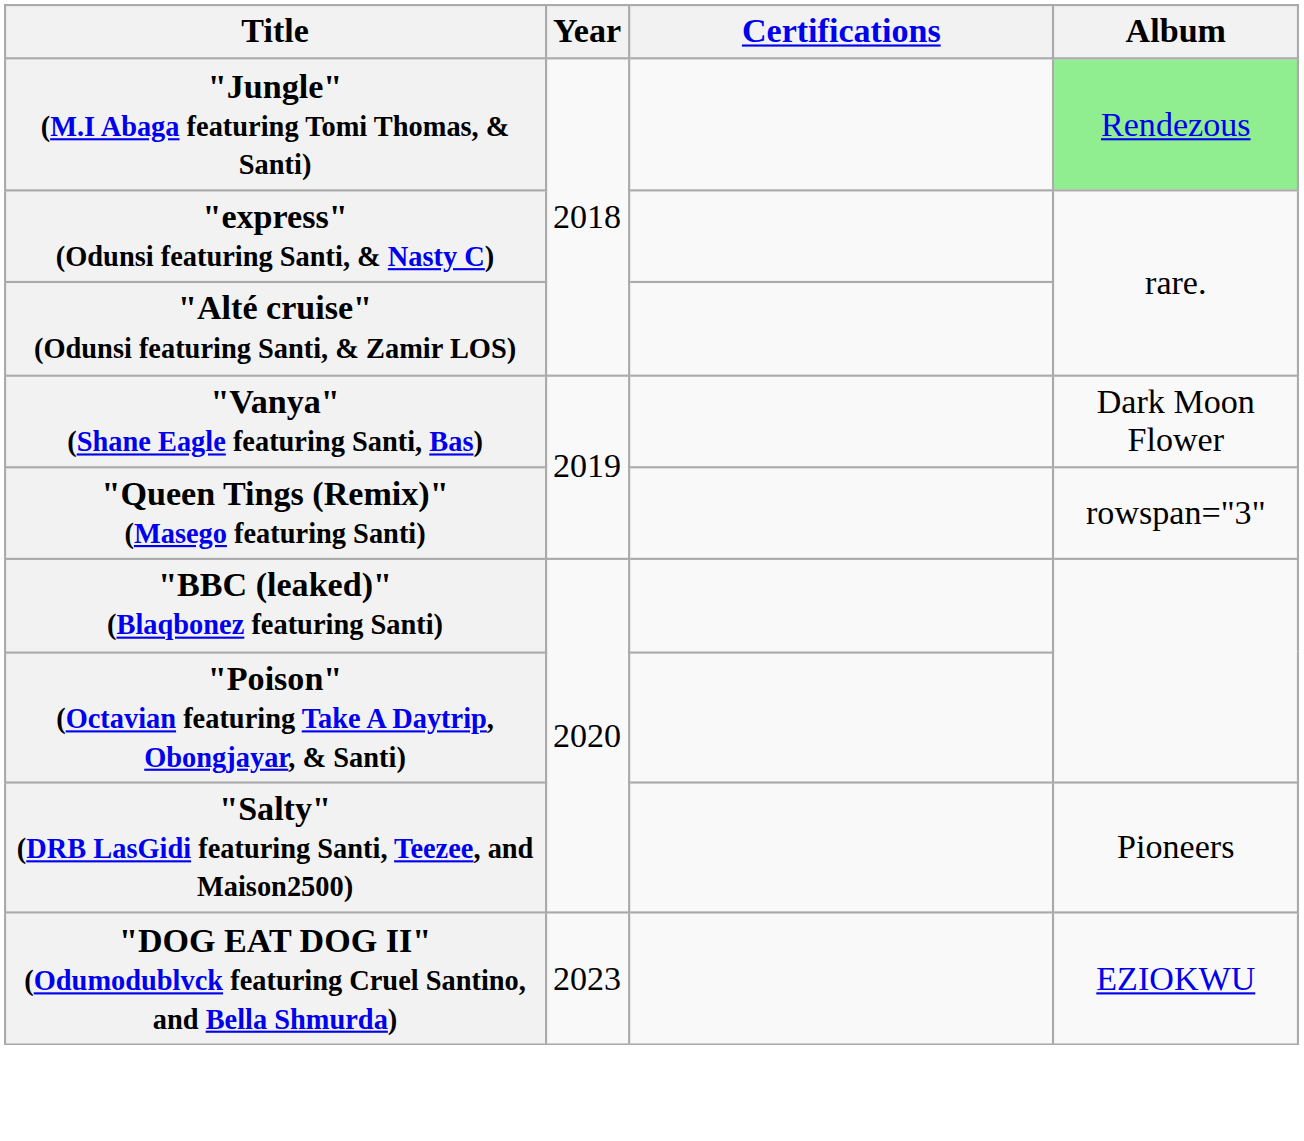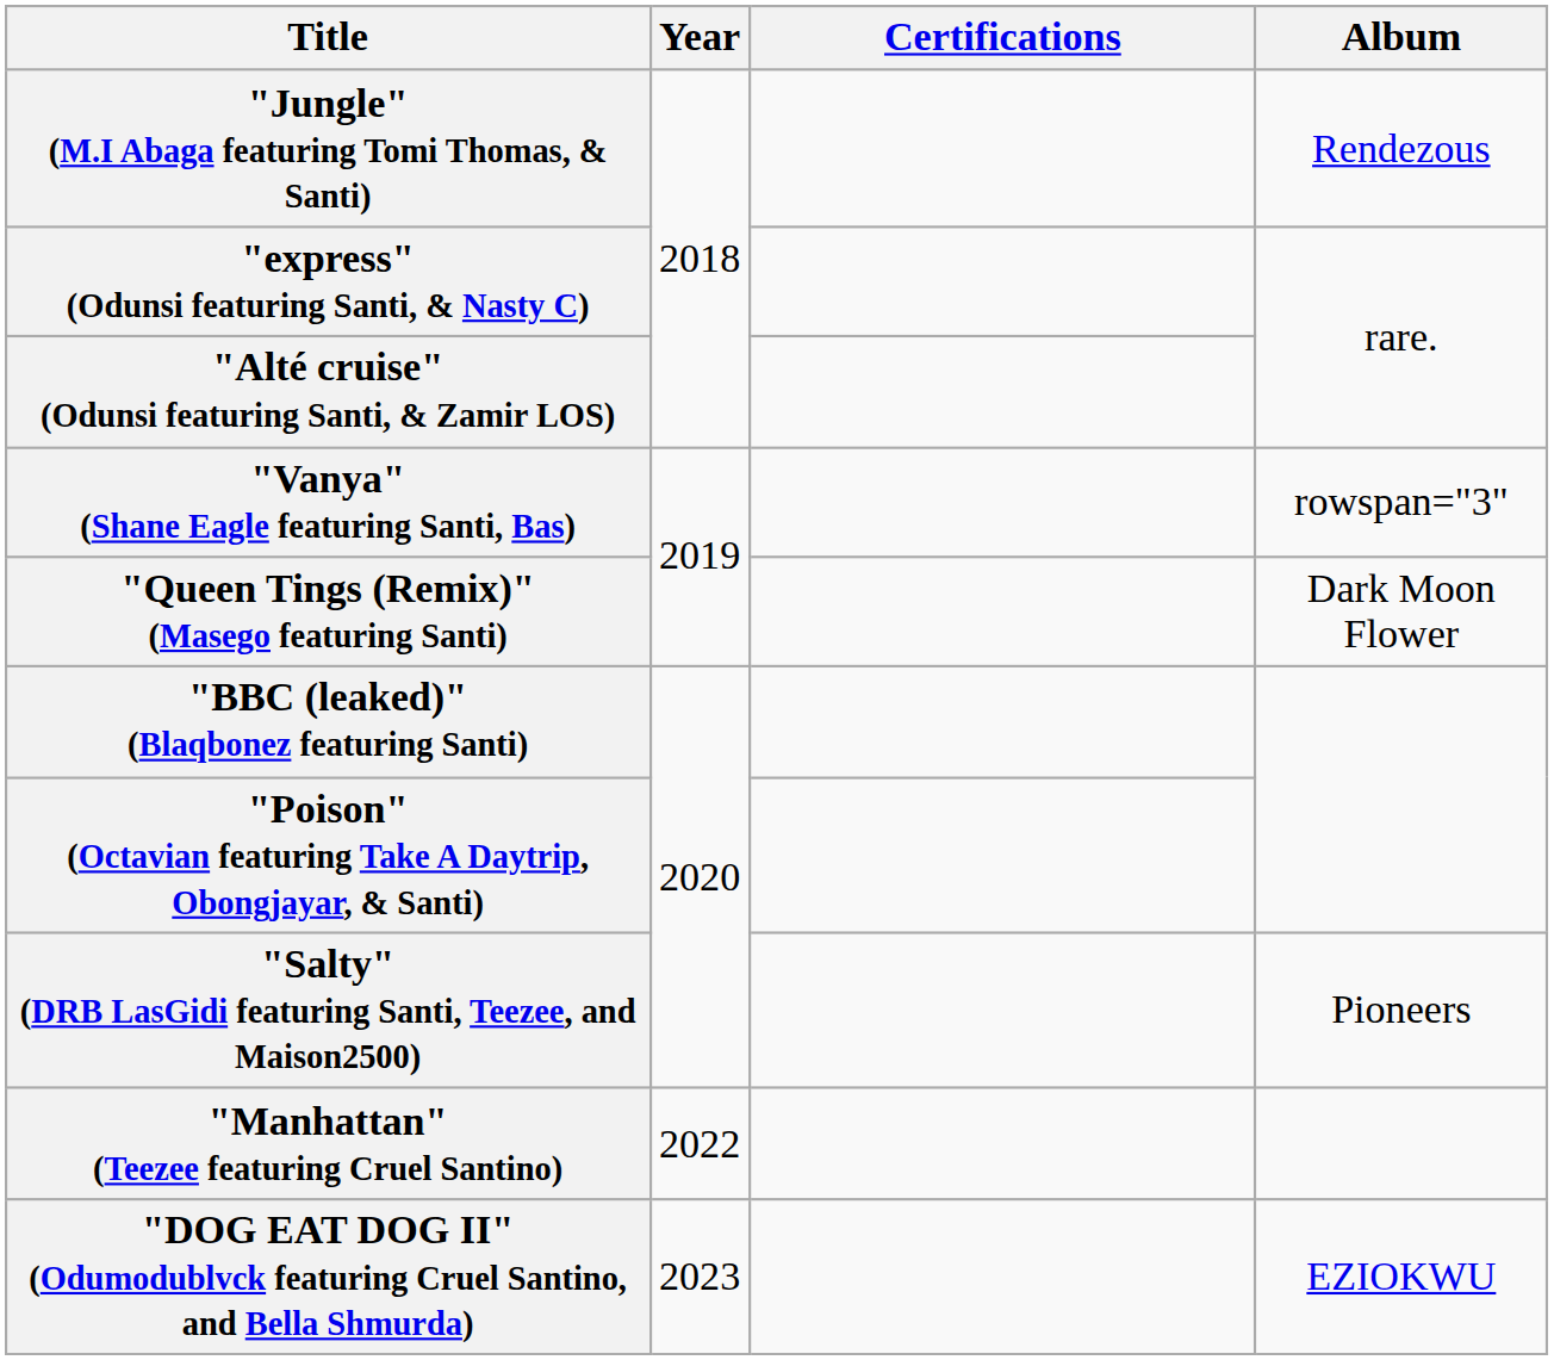 <table class="wikitable plainrowheaders" style="text-align:center;">
 <tr>
 <th scope="col" rowspan="1">Title</th>
 <th scope="col" rowspan="1">Year</th>
 <th scope="col" rowspan="1" style="width:12em;"><a href='#'>Certifications</a></th>
 <th scope="col" rowspan="1">Album</th>
 </tr>
 <tr>
 <th scope="row">"Jungle"<br><small>(<a href='#'>M.I Abaga</a> featuring Tomi Thomas, & Santi)</small></th>
 <td rowspan="3">2018</td>
 <td></td>
-<td style="background: lightgreen;"><a href='#'>Rendezous</a></td>
+<td><a href='#'>Rendezous</a></td>
 </tr>
 <tr>
 <th scope="row">"express"<br><small>(Odunsi featuring Santi, & <a href='#'>Nasty C</a>)</small></th>
 <td></td>
 <td rowspan="2">rare.</td>
 </tr>
 <tr>
 <th scope="row">"Alté cruise"<br><small>(Odunsi featuring Santi, & Zamir LOS)</small></th>
 </tr>
 <tr>
 <th scope="row">"Vanya"<br><small>(<a href='#'>Shane Eagle</a> featuring Santi, <a href='#'>Bas</a>)</small></th>
 <td rowspan="2">2019</td>
 <td></td>
-<td>Dark Moon Flower</td>
+<td>rowspan="3" </td>
 </tr>
 <tr>
 <th scope="row">"Queen Tings (Remix)"<br><small>(<a href='#'>Masego</a> featuring Santi)</small></th>
 <td></td>
-<td>rowspan="3" </td>
+<td>Dark Moon Flower</td>
 </tr>
 <tr>
 <th scope="row">"BBC (leaked)"<br><small>(<a href='#'>Blaqbonez</a> featuring Santi)</small></th>
 <td rowspan="3">2020</td>
 <td></td>
 </tr>
 <tr>
 <th scope="row">"Poison"<br><small>(<a href='#'>Octavian</a> featuring <a href='#'>Take A Daytrip</a>, <a href='#'>Obongjayar</a>, & Santi)</small></th>
 <td></td>
 </tr>
 <tr>
 <th scope="row">"Salty"<br><small>(<a href='#'>DRB LasGidi</a> featuring Santi, <a href='#'>Teezee</a>, and Maison2500)</small></th>
 <td></td>
 <td>Pioneers</td>
 </tr>
 <tr>
+<th scope="row">"Manhattan"<br><small>(<a href='#'>Teezee</a> featuring Cruel Santino)</small></th>
+<td rowspan="1">2022</td>
+<td></td>
+<td></td>
+</tr>
+<tr>
 <th scope="row">"DOG EAT DOG II"<br><small>(<a href='#'>Odumodublvck</a> featuring Cruel Santino, and <a href='#'>Bella Shmurda</a>)</small></th>
 <td rowspan="1">2023</td>
 <td></td>
 <td><a href='#'>EZIOKWU</a></td>
 </tr>
 </table>
